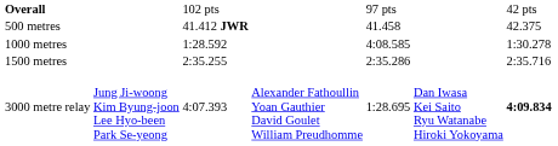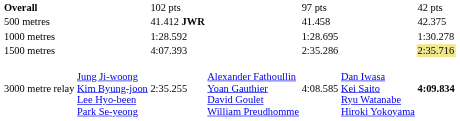 <table>
 <tr>
 <td><strong>Overall</strong></td>
 <td></td>
 <td>102 pts</td>
 <td></td>
 <td>97 pts</td>
 <td></td>
 <td>42 pts</td>
 </tr>
 <tr>
 <td>500 metres</td>
 <td></td>
 <td>41.412 <strong>JWR</strong></td>
 <td></td>
 <td>41.458</td>
 <td></td>
 <td>42.375</td>
 </tr>
 <tr>
 <td>1000 metres</td>
 <td></td>
 <td>1:28.592</td>
 <td></td>
-<td>4:08.585</td>
+<td>1:28.695</td>
 <td></td>
 <td>1:30.278</td>
 </tr>
 <tr>
 <td>1500 metres</td>
 <td></td>
-<td>2:35.255</td>
+<td>4:07.393</td>
 <td></td>
 <td>2:35.286</td>
 <td></td>
-<td>2:35.716</td>
+<td style="background: khaki;">2:35.716</td>
 </tr>
 <tr>
 <td>3000 metre relay</td>
 <td><br><a href='#'>Jung Ji-woong</a><br><a href='#'>Kim Byung-joon</a><br><a href='#'>Lee Hyo-been</a><br><a href='#'>Park Se-yeong</a></td>
-<td>4:07.393</td>
+<td>2:35.255</td>
 <td><br><a href='#'>Alexander Fathoullin</a><br><a href='#'>Yoan Gauthier</a><br><a href='#'>David Goulet</a><br><a href='#'>William Preudhomme</a></td>
-<td>1:28.695</td>
+<td>4:08.585</td>
 <td><br><a href='#'>Dan Iwasa</a><br><a href='#'>Kei Saito</a><br><a href='#'>Ryu Watanabe</a><br><a href='#'>Hiroki Yokoyama</a></td>
 <td><strong>4:09.834</strong></td>
 </tr>
 </table>
